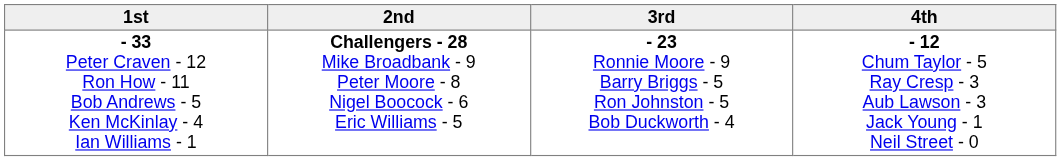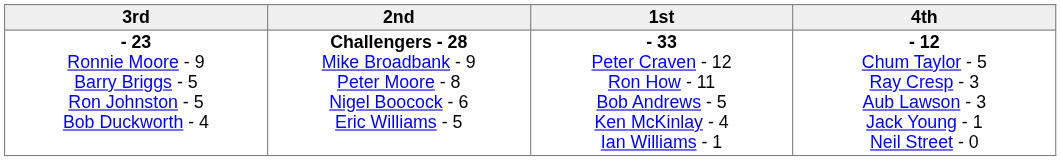 <table border=1 cellpadding=2 cellspacing=0 width=75% style="border-collapse:collapse">
 <tr align=center style="background:#efefef;">
+<th width=20% >3rd</th>
+<th width=20% >2nd</th>
 <th width=20% >1st</th>
-<th width=20% >2nd</th>
-<th width=20% >3rd</th>
 <th width=20%>4th</th>
 </tr>
 <tr align=center>
+<td valign=top ><strong> - 23</strong><br><a href='#'>Ronnie Moore</a> - 9<br><a href='#'>Barry Briggs</a> - 5<br><a href='#'>Ron Johnston</a> - 5<br><a href='#'>Bob Duckworth</a> - 4</td>
+<td valign=top ><strong>Challengers - 28</strong><br><a href='#'>Mike Broadbank</a> - 9<br><a href='#'>Peter Moore</a> - 8<br><a href='#'>Nigel Boocock</a>  - 6<br><a href='#'>Eric Williams</a> - 5</td>
 <td valign=top ><strong> - 33</strong><br><a href='#'>Peter Craven</a> - 12<br><a href='#'>Ron How</a> - 11<br><a href='#'>Bob Andrews</a> - 5<br><a href='#'>Ken McKinlay</a> - 4<br><a href='#'>Ian Williams</a> - 1</td>
-<td valign=top ><strong>Challengers - 28</strong><br><a href='#'>Mike Broadbank</a> - 9<br><a href='#'>Peter Moore</a> - 8<br><a href='#'>Nigel Boocock</a>  - 6<br><a href='#'>Eric Williams</a> - 5</td>
-<td valign=top ><strong> - 23</strong><br><a href='#'>Ronnie Moore</a> - 9<br><a href='#'>Barry Briggs</a> - 5<br><a href='#'>Ron Johnston</a> - 5<br><a href='#'>Bob Duckworth</a> - 4</td>
 <td valign=top><strong> - 12</strong><br><a href='#'>Chum Taylor</a> - 5<br><a href='#'>Ray Cresp</a> - 3<br><a href='#'>Aub Lawson</a> - 3<br><a href='#'>Jack Young</a> - 1<br><a href='#'>Neil Street</a> - 0</td>
 </tr>
 </table>
